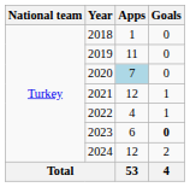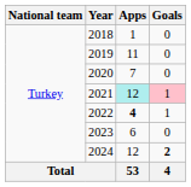 <table class = "wikitable" style = "text-align:center">
 <tr>
 <th>National team</th>
 <th>Year</th>
 <th>Apps</th>
 <th>Goals</th>
 </tr>
 <tr>
 <td rowspan="7"><a href='#'>Turkey</a></td>
 <td>2018</td>
 <td>1</td>
 <td>0</td>
 </tr>
 <tr>
 <td>2019</td>
 <td>11</td>
 <td>0</td>
 </tr>
 <tr>
 <td>2020</td>
-<td style="background: lightblue;">7</td>
+<td>7</td>
 <td>0</td>
 </tr>
 <tr>
 <td>2021</td>
-<td>12</td>
-<td>1</td>
+<td style="background: paleturquoise;">12</td>
+<td style="background: pink;">1</td>
 </tr>
 <tr>
 <td>2022</td>
-<td>4</td>
+<td><strong>4</strong></td>
 <td>1</td>
 </tr>
 <tr>
 <td>2023</td>
 <td>6</td>
-<td><strong>0</strong></td>
+<td>0</td>
 </tr>
 <tr>
 <td>2024</td>
 <td>12</td>
-<td>2</td>
+<td><strong>2</strong></td>
 </tr>
 <tr>
 <th colspan="2">Total</th>
 <th>53</th>
 <th>4</th>
 </tr>
 </table>
